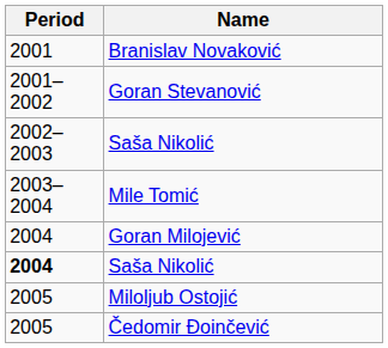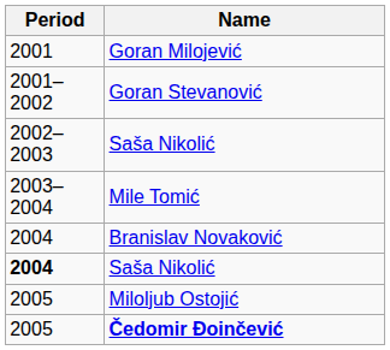 <table class="wikitable">
 <tr>
 <th width="75">Period</th>
 <th width="225">Name</th>
 </tr>
 <tr>
 <td>2001</td>
-<td> <a href='#'>Branislav Novaković</a></td>
+<td> <a href='#'>Goran Milojević</a></td>
 </tr>
 <tr>
 <td>2001–2002</td>
 <td> <a href='#'>Goran Stevanović</a></td>
 </tr>
 <tr>
 <td>2002–2003</td>
 <td> <a href='#'>Saša Nikolić</a></td>
 </tr>
 <tr>
 <td>2003–2004</td>
 <td> <a href='#'>Mile Tomić</a></td>
 </tr>
 <tr>
 <td>2004</td>
-<td> <a href='#'>Goran Milojević</a></td>
+<td> <a href='#'>Branislav Novaković</a></td>
 </tr>
 <tr>
 <td><strong>2004</strong></td>
 <td> <a href='#'>Saša Nikolić</a></td>
 </tr>
 <tr>
 <td>2005</td>
 <td> <a href='#'>Miloljub Ostojić</a></td>
 </tr>
 <tr>
 <td>2005</td>
-<td> <a href='#'>Čedomir Đoinčević</a></td>
+<td><strong> <a href='#'>Čedomir Đoinčević</a></strong></td>
 </tr>
 </table>
